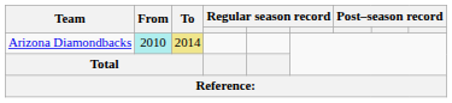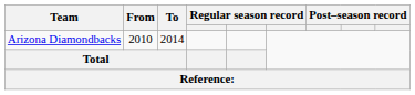 <table class="wikitable" Style="text-align: center;font-size:90%">
 <tr>
 <th rowspan="2">Team</th>
 <th rowspan="2">From</th>
 <th rowspan="2">To</th>
 <th colspan="3">Regular season record</th>
 <th colspan="3">Post–season record</th>
 </tr>
 <tr>
 <th></th>
 <th></th>
 <th></th>
 <th></th>
 <th></th>
 <th></th>
 </tr>
 <tr>
 <td><a href='#'>Arizona Diamondbacks</a></td>
-<td style="background: paleturquoise;">2010</td>
-<td style="background: khaki;">2014</td>
+<td>2010</td>
+<td>2014</td>
 <td></td>
 <td></td>
 </tr>
 <tr>
 <th colspan="3">Total</th>
 <th></th>
 <th></th>
 </tr>
 <tr>
 <th colspan="9">Reference:</th>
 </tr>
 </table>
